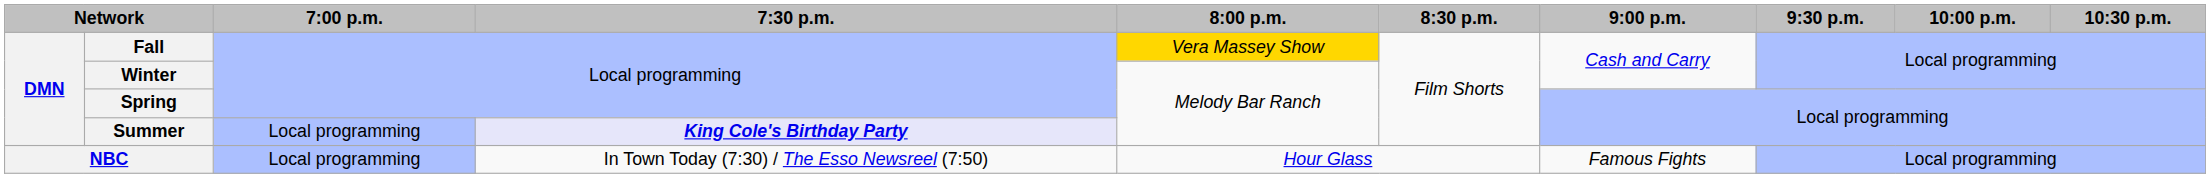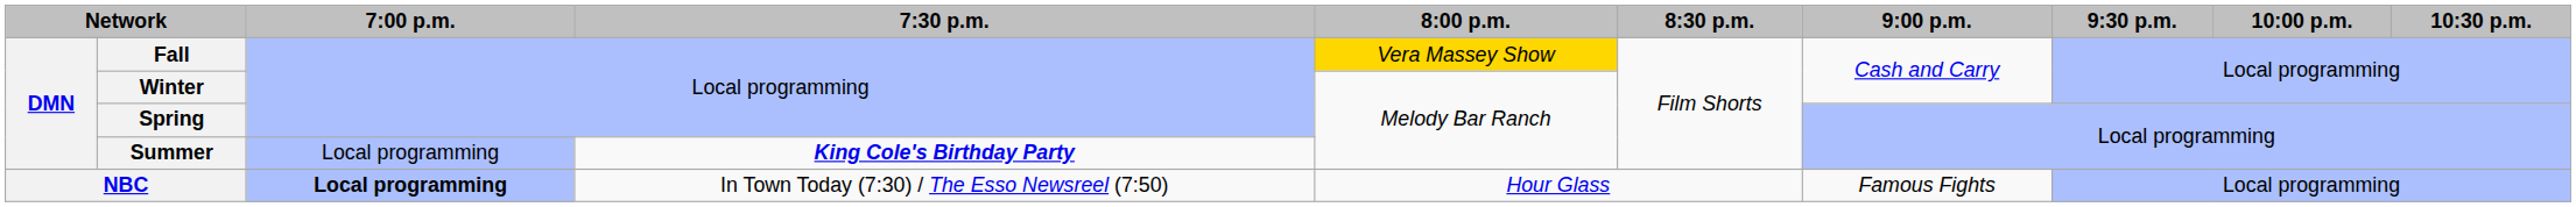 <table class="wikitable" style="width:100%;margin-right:0;text-align:center">
 <tr>
 <th colspan="2" style="background-color:#C0C0C0">Network</th>
 <th style="background-color:#C0C0C0;text-align:center">7:00 p.m.</th>
 <th style="background-color:#C0C0C0;text-align:center">7:30 p.m.</th>
 <th style="background-color:#C0C0C0;text-align:center">8:00 p.m.</th>
 <th style="background-color:#C0C0C0;text-align:center">8:30 p.m.</th>
 <th style="background-color:#C0C0C0;text-align:center">9:00 p.m.</th>
 <th style="background-color:#C0C0C0;text-align:center">9:30 p.m.</th>
 <th style="background-color:#C0C0C0;text-align:center">10:00 p.m.</th>
 <th style="background-color:#C0C0C0;text-align:center">10:30 p.m.</th>
 </tr>
 <tr>
 <th rowspan="4"><a href='#'>DMN</a></th>
 <th>Fall</th>
 <td colspan="2" rowspan="3" style="background:#abbfff;">Local programming</td>
 <td style="background: gold;"><em>Vera Massey Show</em></td>
 <td rowspan="4"><em>Film Shorts</em></td>
 <td rowspan="2"><em><a href='#'>Cash and Carry</a></em></td>
 <td colspan="3" rowspan="2" style="background:#abbfff;">Local programming</td>
 </tr>
 <tr>
 <th>Winter</th>
 <td rowspan="3"><em>Melody Bar Ranch</em></td>
 </tr>
 <tr>
 <th>Spring</th>
 <td colspan="4" rowspan="2" style="background:#abbfff;">Local programming</td>
 </tr>
 <tr>
 <th>Summer</th>
 <td style="background:#abbfff;">Local programming</td>
-<td style="background: lavender;"><strong><em><a href='#'>King Cole's Birthday Party</a></em></strong></td>
+<td><strong><em><a href='#'>King Cole's Birthday Party</a></em></strong></td>
 </tr>
 <tr>
 <th colspan="2"><a href='#'>NBC</a></th>
-<td style="background:#abbfff;">Local programming</td>
+<td style="background:#abbfff;"><strong>Local programming</strong></td>
 <td>In Town Today (7:30) / <em><a href='#'>The Esso Newsreel</a></em> (7:50)</td>
 <td colspan="2"><em><a href='#'>Hour Glass</a></em></td>
 <td><em>Famous Fights</em> </td>
 <td colspan="3" style="background:#abbfff;">Local programming</td>
 </tr>
 </table>
